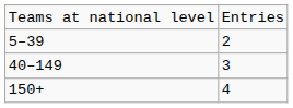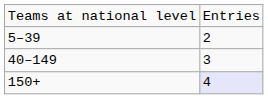 <table class="wikitable">
 <tr>
 <td>Teams at national level</td>
 <td>Entries</td>
 </tr>
 <tr>
 <td>5–39</td>
 <td>2</td>
 </tr>
 <tr>
 <td>40–149</td>
 <td>3</td>
 </tr>
 <tr>
 <td>150+</td>
-<td>4</td>
+<td style="background: lavender;">4</td>
 </tr>
 </table>
